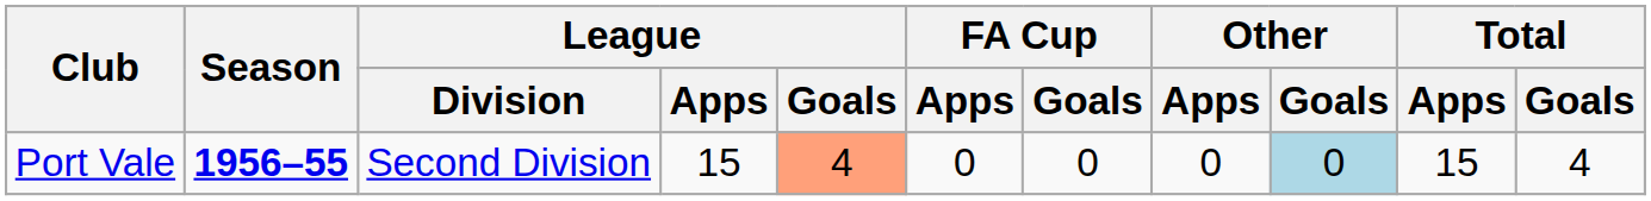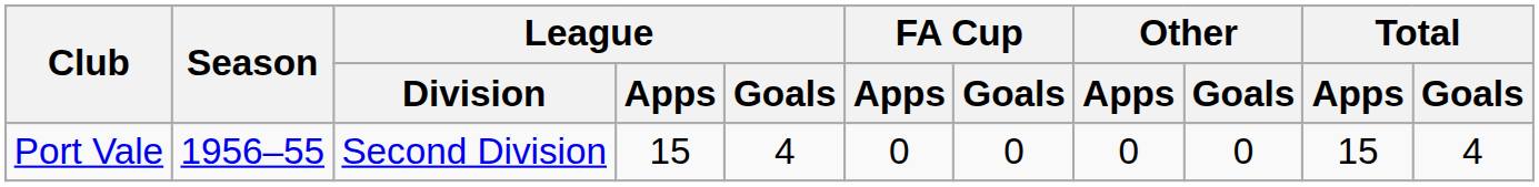 <table class="wikitable" style="text-align: center;">
 <tr>
 <th rowspan="2">Club</th>
 <th rowspan="2">Season</th>
 <th colspan="3">League</th>
 <th colspan="2">FA Cup</th>
 <th colspan="2">Other</th>
 <th colspan="2">Total</th>
 </tr>
 <tr>
 <th>Division</th>
 <th>Apps</th>
 <th>Goals</th>
 <th>Apps</th>
 <th>Goals</th>
 <th>Apps</th>
 <th>Goals</th>
 <th>Apps</th>
 <th>Goals</th>
 </tr>
 <tr>
 <td><a href='#'>Port Vale</a></td>
-<td><strong><a href='#'>1956–55</a></strong></td>
+<td><a href='#'>1956–55</a></td>
 <td><a href='#'>Second Division</a></td>
 <td>15</td>
-<td style="background: lightsalmon;">4</td>
+<td>4</td>
 <td>0</td>
 <td>0</td>
 <td>0</td>
-<td style="background: lightblue;">0</td>
+<td>0</td>
 <td>15</td>
 <td>4</td>
 </tr>
 </table>
